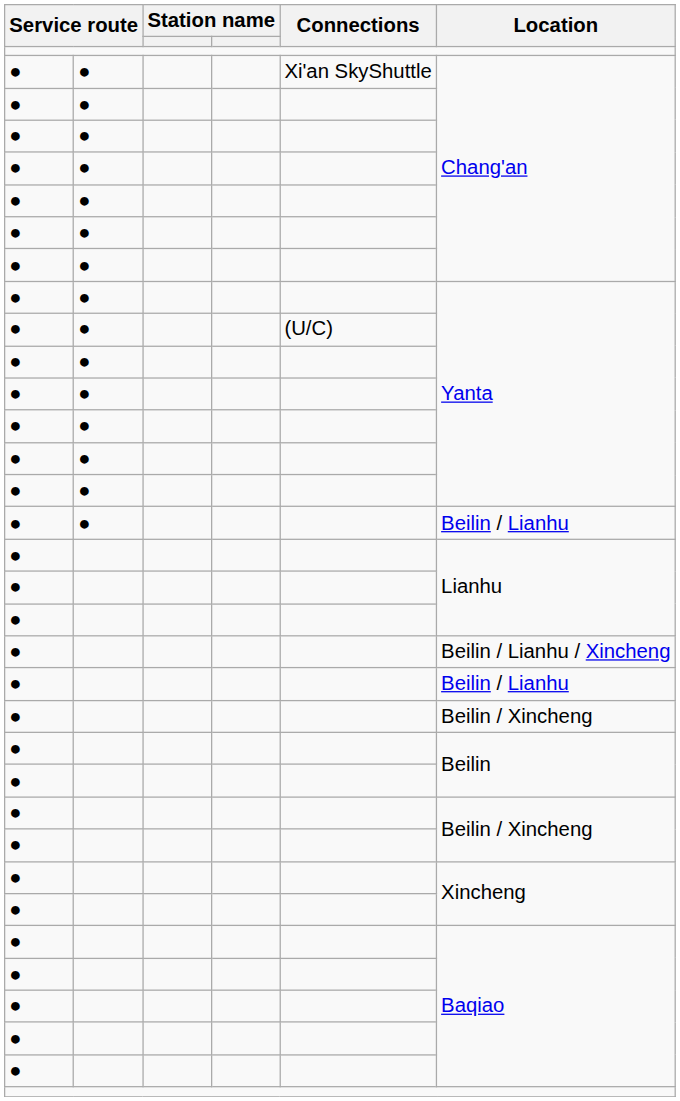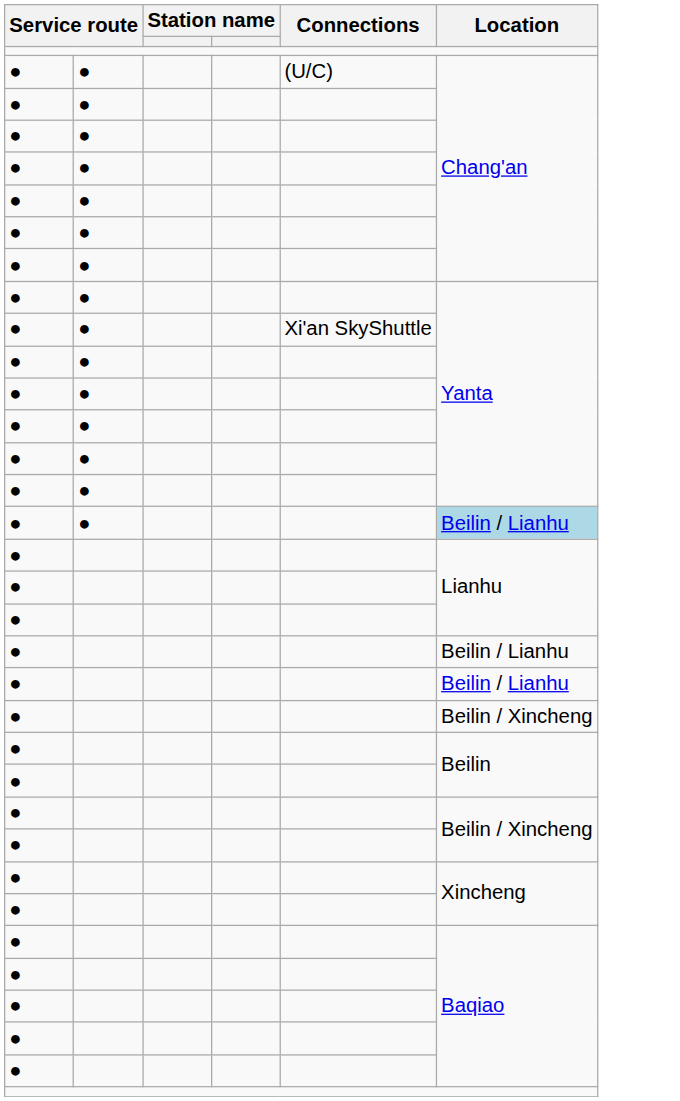 <table class="wikitable">
 <tr>
 <th colspan="2" rowspan="2">Service route</th>
 <th colspan="2">Station name</th>
 <th rowspan="2">Connections</th>
 <th rowspan="2">Location</th>
 </tr>
 <tr>
 <th></th>
 <th></th>
 </tr>
 <tr style="background:#">
 <td colspan="8"></td>
 </tr>
 <tr>
 <td>●</td>
 <td>●</td>
 <td></td>
 <td></td>
-<td> Xi'an SkyShuttle</td>
+<td> <em></em> (U/C)</td>
 <td rowspan="7"><a href='#'>Chang'an</a></td>
 </tr>
 <tr>
 <td>●</td>
 <td>●</td>
 <td></td>
 <td></td>
 <td></td>
 </tr>
 <tr>
 <td>●</td>
 <td>●</td>
 <td></td>
 <td></td>
 <td></td>
 </tr>
 <tr>
 <td>●</td>
 <td>●</td>
 <td></td>
 <td></td>
 <td></td>
 </tr>
 <tr>
 <td>●</td>
 <td>●</td>
 <td></td>
 <td></td>
 <td></td>
 </tr>
 <tr>
 <td>●</td>
 <td>●</td>
 <td></td>
 <td></td>
 <td></td>
 </tr>
 <tr>
 <td>●</td>
 <td>●</td>
 <td></td>
 <td></td>
 <td></td>
 </tr>
 <tr>
 <td>●</td>
 <td>●</td>
 <td></td>
 <td></td>
 <td></td>
 <td rowspan="7"><a href='#'>Yanta</a></td>
 </tr>
 <tr>
 <td>●</td>
 <td>●</td>
 <td></td>
 <td></td>
-<td> <em></em> (U/C)</td>
+<td> Xi'an SkyShuttle</td>
 </tr>
 <tr>
 <td>●</td>
 <td>●</td>
 <td></td>
 <td></td>
 <td></td>
 </tr>
 <tr>
 <td>●</td>
 <td>●</td>
 <td></td>
 <td></td>
 <td></td>
 </tr>
 <tr>
 <td>●</td>
 <td>●</td>
 <td></td>
 <td></td>
 <td></td>
 </tr>
 <tr>
 <td>●</td>
 <td>●</td>
 <td></td>
 <td></td>
 <td></td>
 </tr>
 <tr>
 <td>●</td>
 <td>●</td>
 <td></td>
 <td></td>
 <td></td>
 </tr>
 <tr>
 <td>●</td>
 <td>●</td>
 <td></td>
 <td></td>
 <td></td>
-<td><a href='#'>Beilin</a> / <a href='#'>Lianhu</a></td>
+<td style="background: lightblue;"><a href='#'>Beilin</a> / <a href='#'>Lianhu</a></td>
 </tr>
 <tr>
 <td>●</td>
 <td></td>
 <td></td>
 <td></td>
 <td></td>
 <td rowspan="3">Lianhu</td>
 </tr>
 <tr>
 <td>●</td>
 <td></td>
 <td></td>
 <td></td>
 <td></td>
 </tr>
 <tr>
 <td>●</td>
 <td></td>
 <td></td>
 <td></td>
 <td></td>
 </tr>
 <tr>
 <td>●</td>
 <td></td>
 <td></td>
 <td></td>
 <td></td>
-<td>Beilin / Lianhu / <a href='#'>Xincheng</a></td>
+<td>Beilin / Lianhu</td>
 </tr>
 <tr>
 <td>●</td>
 <td></td>
 <td></td>
 <td></td>
 <td></td>
 <td><a href='#'>Beilin</a> / <a href='#'>Lianhu</a></td>
 </tr>
 <tr>
 <td>●</td>
 <td></td>
 <td></td>
 <td></td>
 <td></td>
 <td>Beilin / Xincheng</td>
 </tr>
 <tr>
 <td>●</td>
 <td></td>
 <td></td>
 <td></td>
 <td></td>
 <td rowspan="2">Beilin</td>
 </tr>
 <tr>
 <td>●</td>
 <td></td>
 <td></td>
 <td></td>
 <td></td>
 </tr>
 <tr>
 <td>●</td>
 <td></td>
 <td></td>
 <td></td>
 <td></td>
 <td rowspan="2">Beilin / Xincheng</td>
 </tr>
 <tr>
 <td>●</td>
 <td></td>
 <td></td>
 <td></td>
 <td></td>
 </tr>
 <tr>
 <td>●</td>
 <td></td>
 <td></td>
 <td></td>
 <td></td>
 <td rowspan="2">Xincheng</td>
 </tr>
 <tr>
 <td>●</td>
 <td></td>
 <td></td>
 <td></td>
 <td></td>
 </tr>
 <tr>
 <td>●</td>
 <td></td>
 <td></td>
 <td></td>
 <td></td>
 <td rowspan="5"><a href='#'>Baqiao</a></td>
 </tr>
 <tr>
 <td>●</td>
 <td></td>
 <td></td>
 <td></td>
 <td></td>
 </tr>
 <tr>
 <td>●</td>
 <td></td>
 <td></td>
 <td></td>
 <td></td>
 </tr>
 <tr>
 <td>●</td>
 <td></td>
 <td></td>
 <td></td>
 <td></td>
 </tr>
 <tr>
 <td>●</td>
 <td></td>
 <td></td>
 <td></td>
 <td> </td>
 </tr>
 <tr style="background:#">
 <td colspan="8"></td>
 </tr>
 </table>
